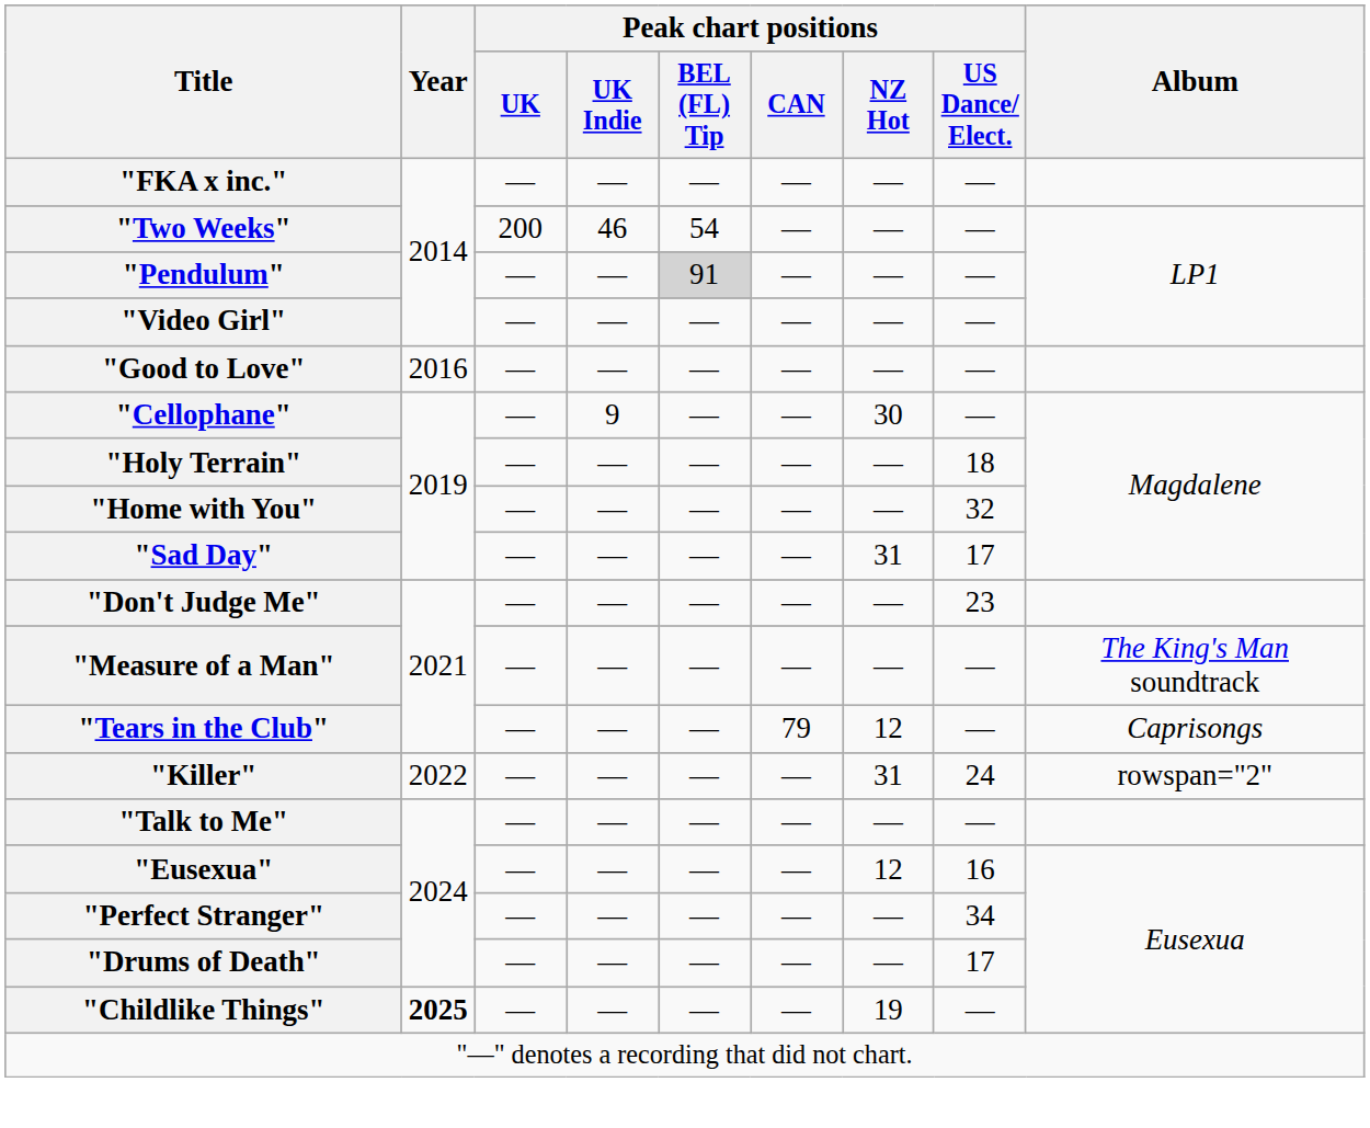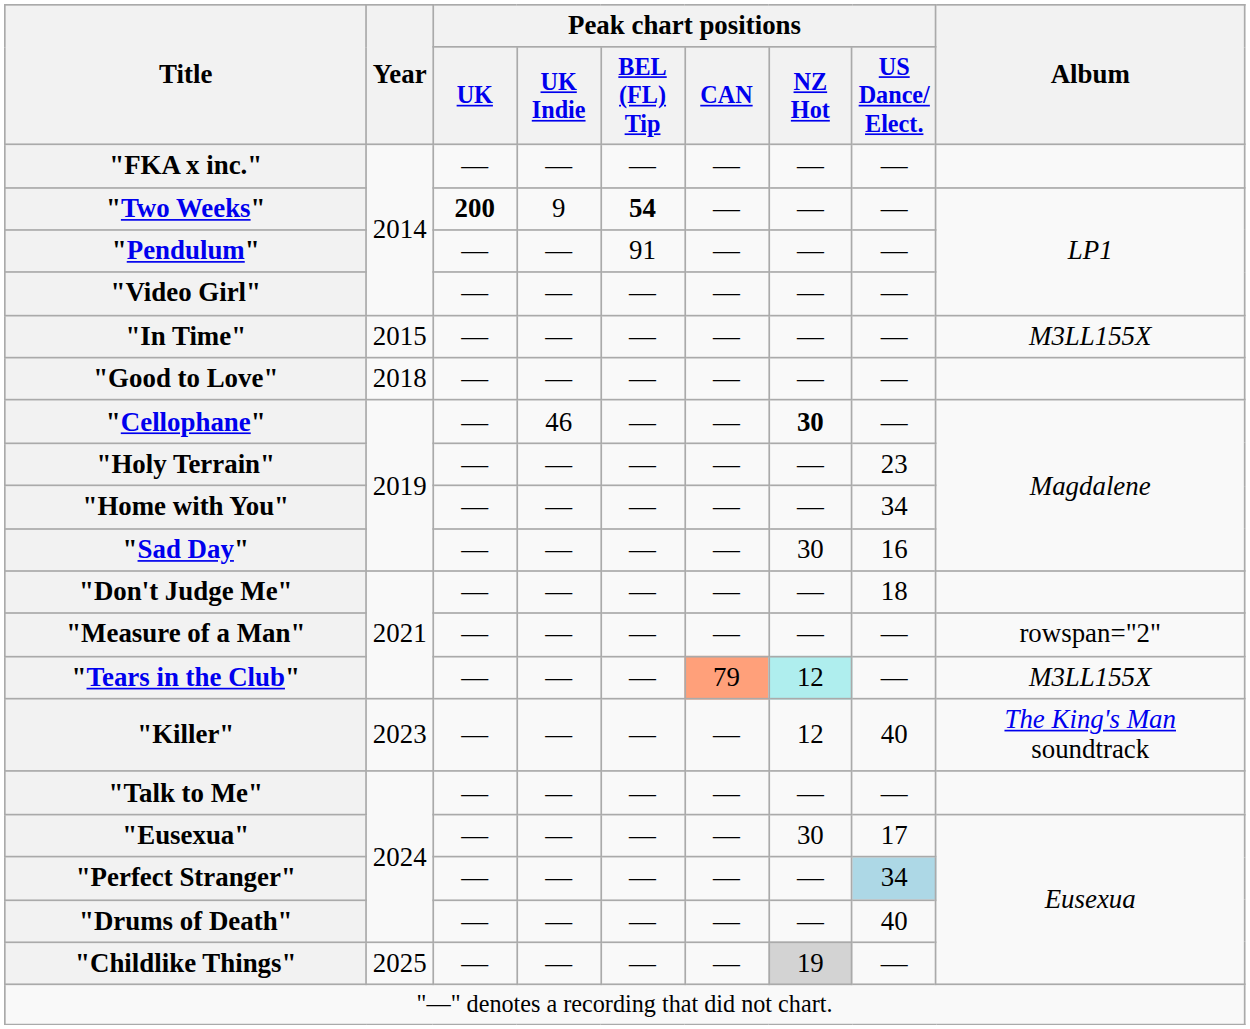 <table class="wikitable plainrowheaders" style="text-align:center;">
 <tr>
 <th scope="col" rowspan="2" style="width:13em;">Title</th>
 <th scope="col" rowspan="2" style="width:1em;">Year</th>
 <th scope="col" colspan="6">Peak chart positions</th>
 <th scope="col" rowspan="2" style="width:11em;">Album</th>
 </tr>
 <tr>
 <th scope="col" style="width:3em;font-size:90%;"><a href='#'>UK</a><br></th>
 <th scope="col" style="width:3em;font-size:90%;"><a href='#'>UK<br>Indie</a><br></th>
 <th scope="col" style="width:3em;font-size:90%;"><a href='#'>BEL<br>(FL)<br>Tip</a><br></th>
 <th scope="col" style="width:3em;font-size:90%;"><a href='#'>CAN</a><br></th>
 <th scope="col" style="width:3em;font-size:90%;"><a href='#'>NZ<br>Hot</a><br></th>
 <th scope="col" style="width:3em;font-size:90%;"><a href='#'>US<br>Dance/<br>Elect.</a><br></th>
 </tr>
 <tr>
 <th scope="row">"FKA x inc." <br> </th>
 <td rowspan="4">2014</td>
 <td>—</td>
 <td>—</td>
 <td>—</td>
 <td>—</td>
 <td>—</td>
 <td>—</td>
 <td></td>
 </tr>
 <tr>
 <th scope="row">"<a href='#'>Two Weeks</a>"</th>
-<td>200</td>
-<td>46</td>
-<td>54</td>
+<td><strong>200</strong></td>
+<td>9</td>
+<td><strong>54</strong></td>
 <td>—</td>
 <td>—</td>
 <td>—</td>
 <td rowspan="3"><em>LP1</em></td>
 </tr>
 <tr>
 <th scope="row">"<a href='#'>Pendulum</a>"</th>
 <td>—</td>
 <td>—</td>
-<td style="background: lightgrey;">91</td>
+<td>91</td>
 <td>—</td>
 <td>—</td>
 <td>—</td>
 </tr>
 <tr>
 <th scope="row">"Video Girl"</th>
 <td>—</td>
 <td>—</td>
 <td>—</td>
 <td>—</td>
 <td>—</td>
 <td>—</td>
 </tr>
 <tr>
+<th scope="row">"In Time"</th>
+<td>2015</td>
+<td>—</td>
+<td>—</td>
+<td>—</td>
+<td>—</td>
+<td>—</td>
+<td>—</td>
+<td><em>M3LL155X</em></td>
+</tr>
+<tr>
 <th scope="row">"Good to Love"</th>
-<td>2016</td>
+<td>2018</td>
 <td>—</td>
 <td>—</td>
 <td>—</td>
 <td>—</td>
 <td>—</td>
 <td>—</td>
 <td></td>
 </tr>
 <tr>
 <th scope="row">"<a href='#'>Cellophane</a>"</th>
 <td rowspan="4">2019</td>
 <td>—</td>
-<td>9</td>
+<td>46</td>
 <td>—</td>
 <td>—</td>
-<td>30</td>
+<td><strong>30</strong></td>
 <td>—</td>
 <td rowspan="4"><em>Magdalene</em></td>
 </tr>
 <tr>
 <th scope="row">"Holy Terrain"<br></th>
 <td>—</td>
 <td>—</td>
 <td>—</td>
 <td>—</td>
 <td>—</td>
-<td>18</td>
+<td>23</td>
 </tr>
 <tr>
 <th scope="row">"Home with You"</th>
 <td>—</td>
 <td>—</td>
 <td>—</td>
 <td>—</td>
 <td>—</td>
-<td>32</td>
+<td>34</td>
 </tr>
 <tr>
 <th scope="row">"<a href='#'>Sad Day</a>"</th>
 <td>—</td>
 <td>—</td>
 <td>—</td>
 <td>—</td>
-<td>31</td>
-<td>17</td>
+<td>30</td>
+<td>16</td>
 </tr>
 <tr>
 <th scope="row">"Don't Judge Me"<br></th>
 <td rowspan="3">2021</td>
 <td>—</td>
 <td>—</td>
 <td>—</td>
 <td>—</td>
 <td>—</td>
-<td>23</td>
+<td>18</td>
 <td></td>
 </tr>
 <tr>
 <th scope="row">"Measure of a Man"<br></th>
 <td>—</td>
 <td>—</td>
 <td>—</td>
 <td>—</td>
 <td>—</td>
 <td>—</td>
-<td><em><a href='#'>The King's Man</a></em> soundtrack</td>
+<td>rowspan="2" </td>
 </tr>
 <tr>
 <th scope="row">"<a href='#'>Tears in the Club</a>"<br></th>
 <td>—</td>
 <td>—</td>
 <td>—</td>
-<td>79</td>
-<td>12</td>
+<td style="background: lightsalmon;">79</td>
+<td style="background: paleturquoise;">12</td>
 <td>—</td>
-<td><em>Caprisongs</em></td>
+<td><em>M3LL155X</em></td>
 </tr>
 <tr>
 <th scope="row">"Killer"</th>
-<td>2022</td>
+<td>2023</td>
 <td>—</td>
 <td>—</td>
 <td>—</td>
 <td>—</td>
-<td>31</td>
-<td>24</td>
-<td>rowspan="2" </td>
+<td>12</td>
+<td>40</td>
+<td><em><a href='#'>The King's Man</a></em> soundtrack</td>
 </tr>
 <tr>
 <th scope="row">"Talk to Me"<br></th>
 <td rowspan="4">2024</td>
 <td>—</td>
 <td>—</td>
 <td>—</td>
 <td>—</td>
 <td>—</td>
 <td>—</td>
 </tr>
 <tr>
 <th scope="row">"Eusexua"</th>
 <td>—</td>
 <td>—</td>
 <td>—</td>
 <td>—</td>
-<td>12</td>
-<td>16</td>
+<td>30</td>
+<td>17</td>
 <td rowspan="4"><em>Eusexua</em></td>
 </tr>
 <tr>
 <th scope="row">"Perfect Stranger"</th>
 <td>—</td>
 <td>—</td>
 <td>—</td>
 <td>—</td>
 <td>—</td>
-<td>34</td>
+<td style="background: lightblue;">34</td>
 </tr>
 <tr>
 <th scope="row">"Drums of Death"<br></th>
 <td>—</td>
 <td>—</td>
 <td>—</td>
 <td>—</td>
 <td>—</td>
-<td>17</td>
+<td>40</td>
 </tr>
 <tr>
 <th scope="row">"Childlike Things"<br></th>
-<td><strong>2025</strong></td>
+<td>2025</td>
 <td>—</td>
 <td>—</td>
 <td>—</td>
 <td>—</td>
-<td>19</td>
+<td style="background: lightgrey;">19</td>
 <td>—</td>
 </tr>
 <tr>
 <td colspan="9" style="font-size:90%">"—" denotes a recording that did not chart.</td>
 </tr>
 </table>
